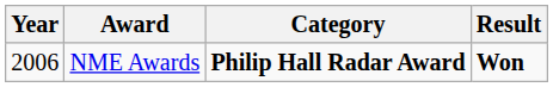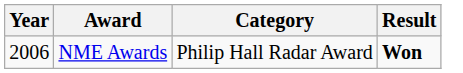 <table class=wikitable>
 <tr>
 <th>Year</th>
 <th>Award</th>
 <th>Category</th>
 <th>Result</th>
 </tr>
 <tr>
 <td rowspan="5">2006</td>
 <td><a href='#'>NME Awards</a></td>
-<td><strong>Philip Hall Radar Award</strong></td>
+<td>Philip Hall Radar Award</td>
 <td><strong>Won</strong></td>
 </tr>
 </table>
